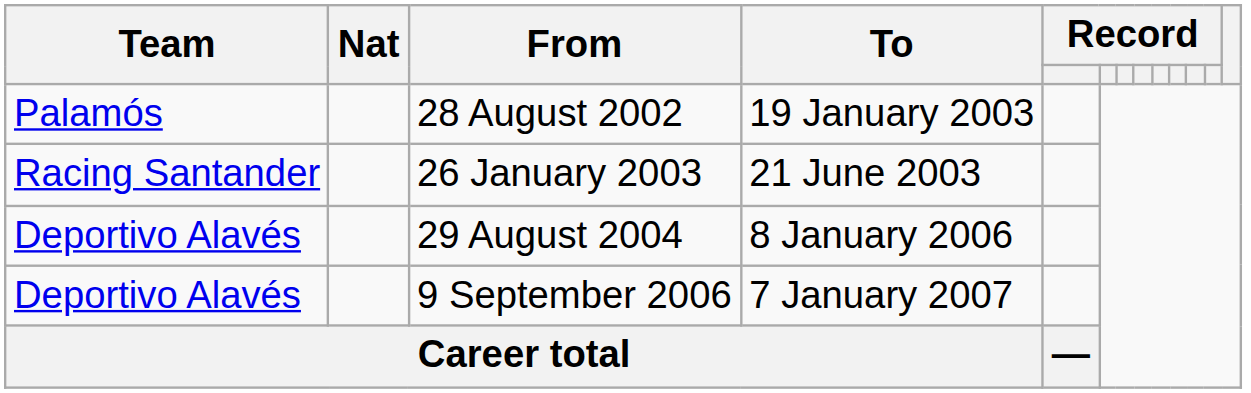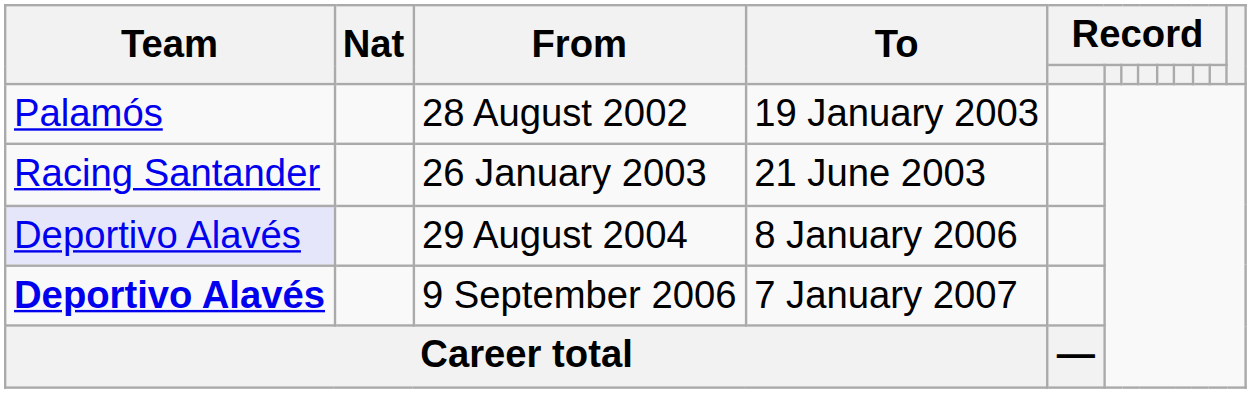 <table class="wikitable" style="text-align: center">
 <tr>
 <th rowspan="2">Team</th>
 <th rowspan="2">Nat</th>
 <th rowspan="2">From</th>
 <th rowspan="2">To</th>
 <th colspan="8">Record</th>
 <th rowspan=2></th>
 </tr>
 <tr>
 <th></th>
 <th></th>
 <th></th>
 <th></th>
 <th></th>
 <th></th>
 <th></th>
 <th></th>
 </tr>
 <tr>
 <td align="left"><a href='#'>Palamós</a></td>
 <td></td>
 <td align=left>28 August 2002</td>
 <td align=left>19 January 2003<br></td>
 <td></td>
 </tr>
 <tr>
 <td align="left"><a href='#'>Racing Santander</a></td>
 <td></td>
 <td align=left>26 January 2003</td>
 <td align=left>21 June 2003<br></td>
 <td></td>
 </tr>
 <tr>
-<td align="left"><a href='#'>Deportivo Alavés</a></td>
+<td align="left" style="background: lavender;"><a href='#'>Deportivo Alavés</a></td>
 <td></td>
 <td align=left>29 August 2004</td>
 <td align=left>8 January 2006<br></td>
 <td></td>
 </tr>
 <tr>
-<td align="left"><a href='#'>Deportivo Alavés</a></td>
+<td align="left"><strong><a href='#'>Deportivo Alavés</a></strong></td>
 <td></td>
 <td align=left>9 September 2006</td>
 <td align=left>7 January 2007<br></td>
 <td></td>
 </tr>
 <tr>
 <th colspan=4>Career total<br></th>
 <th>—</th>
 </tr>
 </table>
